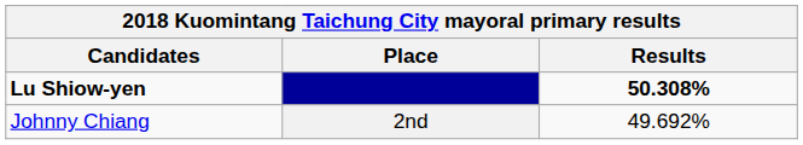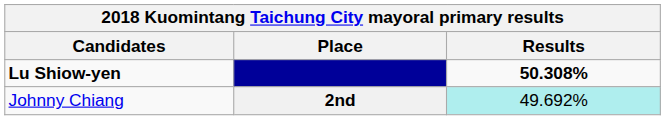 <table class="wikitable collapsible" style="margin:1em auto;">
 <tr>
 <th colspan="5" width=600>2018 Kuomintang <a href='#'>Taichung City</a> mayoral primary results</th>
 </tr>
 <tr>
 <th width=80>Candidates</th>
 <th width=80>Place</th>
 <th width=80>Results</th>
 </tr>
 <tr>
 <td><strong>Lu Shiow-yen</strong></td>
 <td style="background: #000099; text-align:center"><strong></strong></td>
 <td style="text-align:center"><strong>50.308%</strong></td>
 </tr>
 <tr>
 <td><a href='#'>Johnny Chiang</a></td>
-<td style="background: #f1f1f1; text-align:center">2nd</td>
-<td style="text-align:center">49.692%</td>
+<td style="background: #f1f1f1; text-align:center"><strong>2nd</strong></td>
+<td style="background: paleturquoise; text-align:center">49.692%</td>
 </tr>
 </table>
